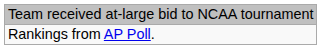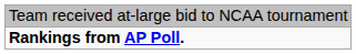 <table class="wikitable" style="font-size:90%; line-height:90%;">
 <tr>
 <td align="center" colspan="7" style="background:#C0C0C0;">Team received at-large bid to NCAA tournament</td>
 </tr>
 <tr>
-<td>Rankings from <a href='#'>AP Poll</a>.</td>
+<td><strong>Rankings from <a href='#'>AP Poll</a>.</strong></td>
 </tr>
 </table>
